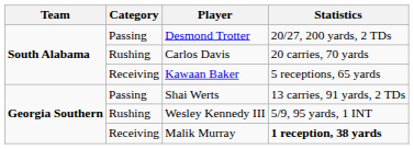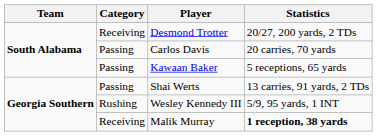 <table class="wikitable" style="float: left;">
 <tr>
 <th>Team</th>
 <th>Category</th>
 <th>Player</th>
 <th>Statistics</th>
 </tr>
 <tr>
 <td rowspan=3><strong>South Alabama</strong></td>
-<td>Passing</td>
+<td>Receiving</td>
 <td><a href='#'>Desmond Trotter</a></td>
 <td>20/27, 200 yards, 2 TDs</td>
 </tr>
 <tr>
-<td>Rushing</td>
+<td>Passing</td>
 <td>Carlos Davis</td>
 <td>20 carries, 70 yards</td>
 </tr>
 <tr>
-<td>Receiving</td>
+<td>Passing</td>
 <td><a href='#'>Kawaan Baker</a></td>
 <td>5 receptions, 65 yards</td>
 </tr>
 <tr>
 <td rowspan=3><strong>Georgia Southern</strong></td>
 <td>Passing</td>
 <td>Shai Werts</td>
 <td>13 carries, 91 yards, 2 TDs</td>
 </tr>
 <tr>
 <td>Rushing</td>
 <td>Wesley Kennedy III</td>
 <td>5/9, 95 yards, 1 INT</td>
 </tr>
 <tr>
 <td>Receiving</td>
 <td>Malik Murray</td>
 <td><strong>1 reception, 38 yards</strong></td>
 </tr>
 </table>
